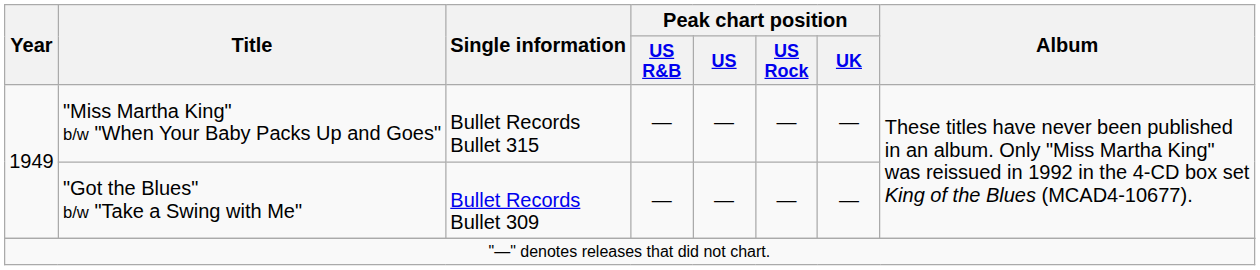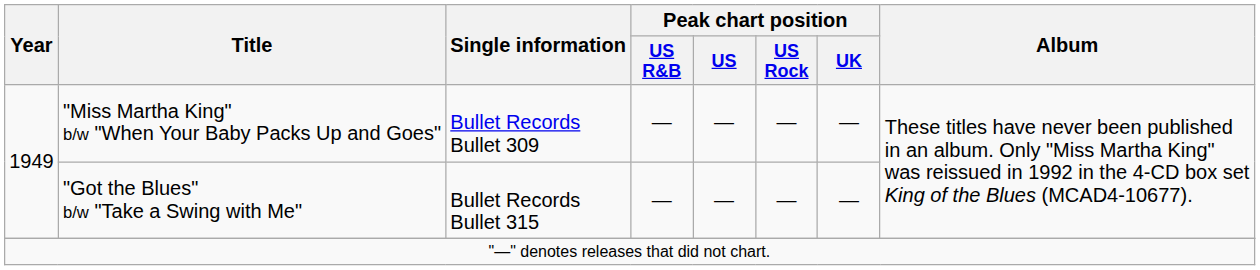 <table class="wikitable">
 <tr>
 <th rowspan=2>Year</th>
 <th rowspan=2>Title</th>
 <th rowspan="2">Single information</th>
 <th colspan=4>Peak chart position</th>
 <th rowspan=2>Album</th>
 </tr>
 <tr>
 <th style="width:3em;font-size:90%;"><a href='#'>US R&B</a></th>
 <th style="width:3em;font-size:90%;"><a href='#'>US</a></th>
 <th style="width:3em;font-size:90%;"><a href='#'>US Rock</a></th>
 <th style="width:3em;font-size:90%;"><a href='#'>UK</a><br></th>
 </tr>
 <tr>
 <td rowspan="2">1949</td>
 <td>"Miss Martha King"<br><small>b/w</small> "When Your Baby Packs Up and Goes"</td>
-<td><br>Bullet Records<br> Bullet 315</td>
+<td><br><a href='#'>Bullet Records</a><br> Bullet 309</td>
 <td align="center">—</td>
 <td align="center">—</td>
 <td align="center">—</td>
 <td align="center">—</td>
 <td rowspan="2">These titles have never been published <br>in an album. Only "Miss Martha King" <br>was reissued in 1992 in the 4-CD box set <br><em>King of the Blues</em> (MCAD4-10677).</td>
 </tr>
 <tr>
 <td>"Got the Blues"<br><small>b/w</small> "Take a Swing with Me"</td>
-<td><br><a href='#'>Bullet Records</a><br> Bullet 309</td>
+<td><br>Bullet Records<br> Bullet 315</td>
 <td align="center">—</td>
 <td align="center">—</td>
 <td align="center">—</td>
 <td align="center">—</td>
 </tr>
 <tr>
 </tr>
 <tr>
 <td colspan="12" align="center" style="font-size:80%">"—" denotes releases that did not chart.</td>
 </tr>
 </table>
